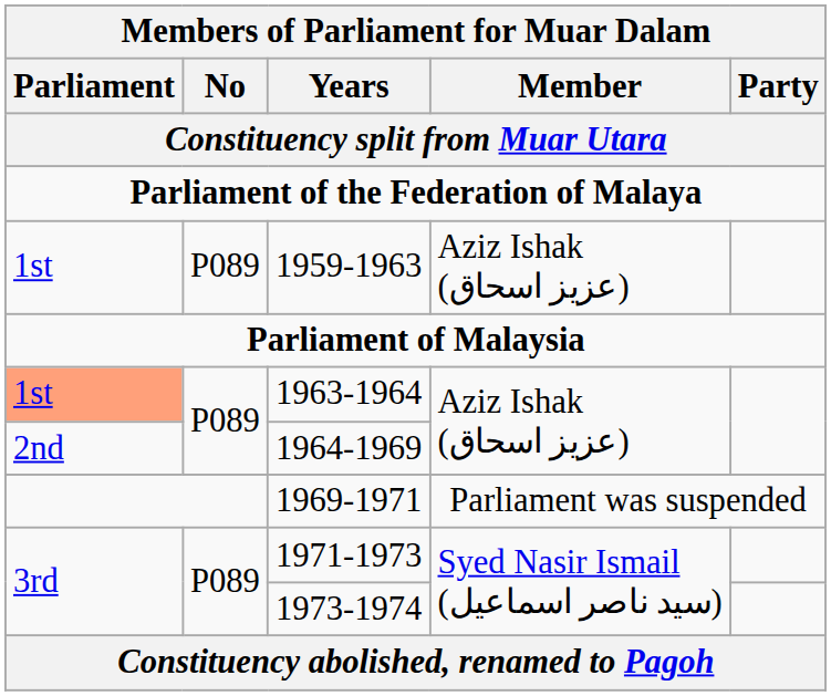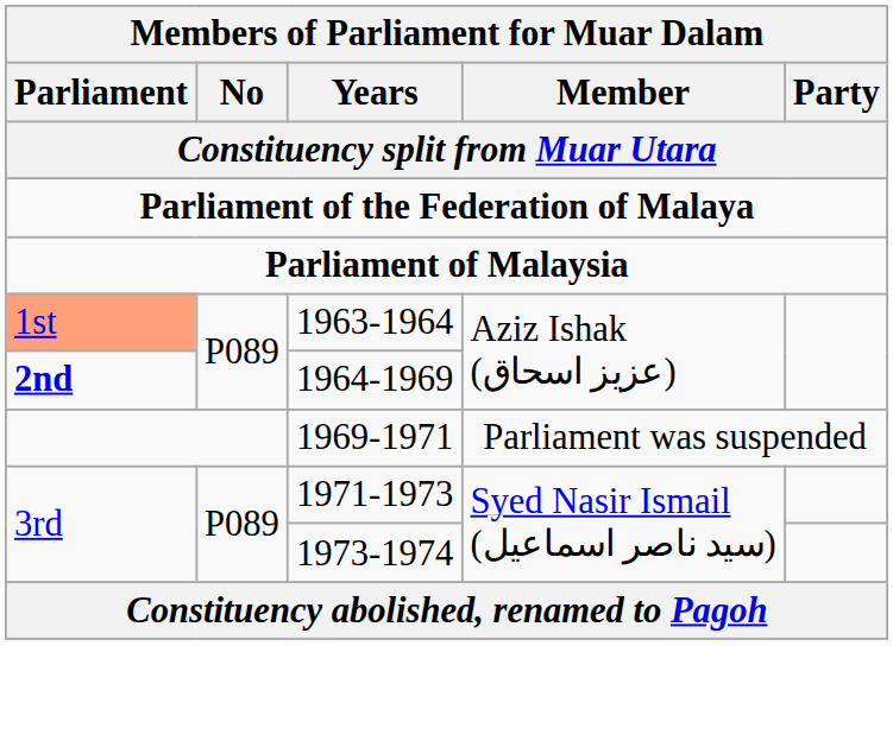 <table class=wikitable>
 <tr>
 <th colspan="5">Members of Parliament for Muar Dalam</th>
 </tr>
 <tr>
 <th>Parliament</th>
 <th>No</th>
 <th>Years</th>
 <th>Member</th>
 <th>Party</th>
 </tr>
 <tr>
 <th colspan="5" align="center"><em>Constituency split from <a href='#'>Muar Utara</a></em></th>
 </tr>
 <tr>
 <td colspan="5" align="center"><strong>Parliament of the Federation of Malaya</strong></td>
 </tr>
 <tr>
-<td><a href='#'>1st</a></td>
-<td>P089</td>
-<td>1959-1963</td>
-<td>Aziz Ishak  <br>(عزيز اسحاق)</td>
-<td></td>
-</tr>
-<tr>
 <td colspan="5" align="center"><strong>Parliament of Malaysia</strong></td>
 </tr>
 <tr>
 <td style="background: lightsalmon;"><a href='#'>1st</a></td>
 <td rowspan="2">P089</td>
 <td>1963-1964</td>
 <td rowspan=2>Aziz Ishak <br> (عزيز اسحاق)</td>
 <td rowspan=2></td>
 </tr>
 <tr>
-<td><a href='#'>2nd</a></td>
+<td><strong><a href='#'>2nd</a></strong></td>
 <td>1964-1969</td>
 </tr>
 <tr>
 <td colspan="2"></td>
 <td>1969-1971</td>
 <td colspan=2 align=center>Parliament was suspended</td>
 </tr>
 <tr>
 <td rowspan=2><a href='#'>3rd</a></td>
 <td rowspan="2">P089</td>
 <td>1971-1973</td>
 <td rowspan=2><a href='#'>Syed Nasir Ismail</a>  <br>(سيد ناصر اسماعيل)</td>
 <td></td>
 </tr>
 <tr>
 <td>1973-1974</td>
 <td></td>
 </tr>
 <tr>
 <th colspan="5" align="center"><em>Constituency abolished, renamed to <a href='#'>Pagoh</a></em></th>
 </tr>
 </table>
